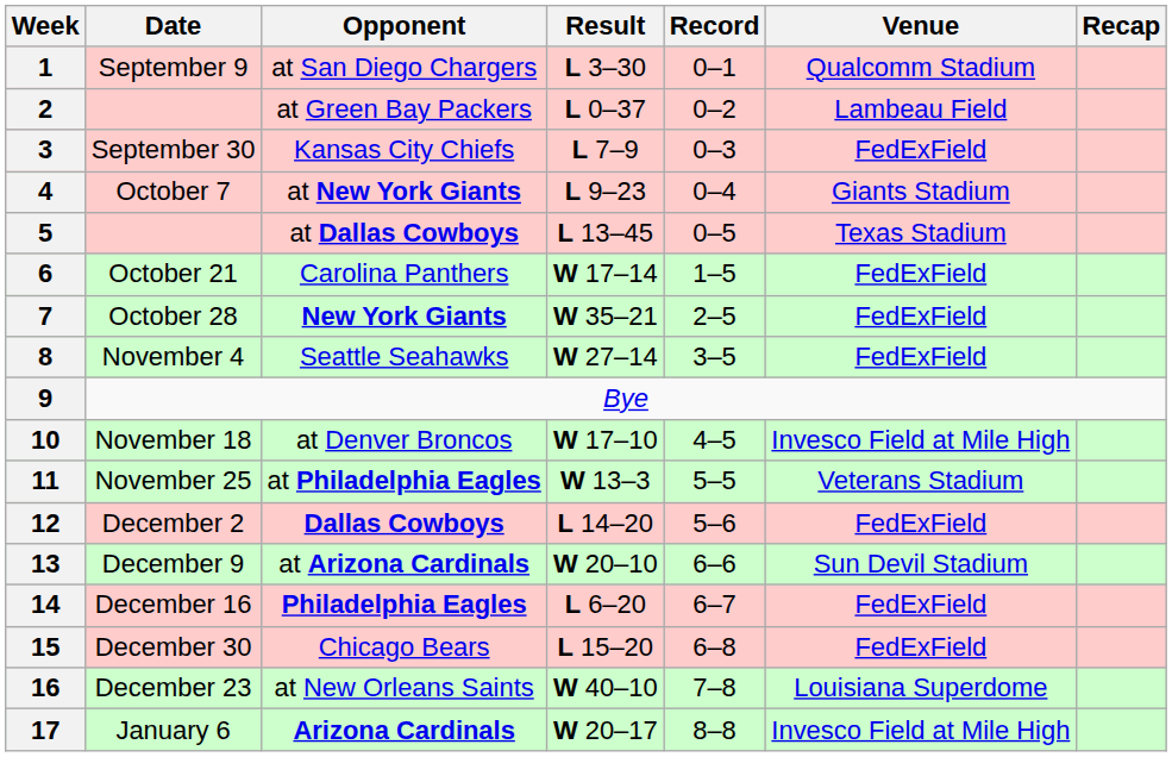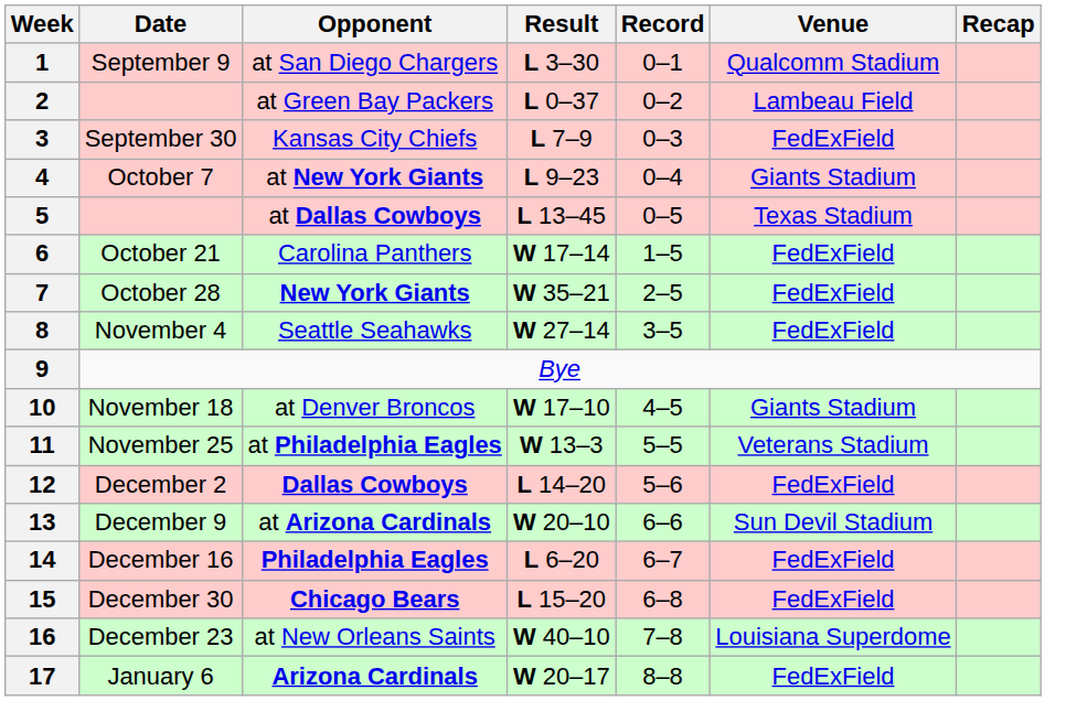 <table class="wikitable" style="text-align:center">
 <tr>
 <th>Week</th>
 <th>Date</th>
 <th>Opponent</th>
 <th>Result</th>
 <th>Record</th>
 <th>Venue</th>
 <th>Recap</th>
 </tr>
 <tr style="background: #ffcccc;">
 <th>1</th>
 <td>September 9</td>
 <td>at <a href='#'>San Diego Chargers</a></td>
 <td><strong>L</strong> 3–30</td>
 <td>0–1</td>
 <td><a href='#'>Qualcomm Stadium</a></td>
 <td></td>
 </tr>
 <tr style="background: #ffcccc;">
 <th>2</th>
 <td></td>
 <td>at <a href='#'>Green Bay Packers</a></td>
 <td><strong>L</strong> 0–37</td>
 <td>0–2</td>
 <td><a href='#'>Lambeau Field</a></td>
 <td></td>
 </tr>
 <tr style="background: #ffcccc;">
 <th>3</th>
 <td>September 30</td>
 <td><a href='#'>Kansas City Chiefs</a></td>
 <td><strong>L</strong> 7–9</td>
 <td>0–3</td>
 <td><a href='#'>FedExField</a></td>
 <td></td>
 </tr>
 <tr style="background: #ffcccc;">
 <th>4</th>
 <td>October 7</td>
 <td>at <strong><a href='#'>New York Giants</a></strong></td>
 <td><strong>L</strong> 9–23</td>
 <td>0–4</td>
 <td><a href='#'>Giants Stadium</a></td>
 <td></td>
 </tr>
 <tr style="background: #ffcccc;">
 <th>5</th>
 <td></td>
 <td>at <strong><a href='#'>Dallas Cowboys</a></strong></td>
 <td><strong>L</strong> 13–45</td>
 <td>0–5</td>
 <td><a href='#'>Texas Stadium</a></td>
 <td></td>
 </tr>
 <tr style="background: #ccffcc;">
 <th>6</th>
 <td>October 21</td>
 <td><a href='#'>Carolina Panthers</a></td>
 <td><strong>W</strong> 17–14</td>
 <td>1–5</td>
 <td><a href='#'>FedExField</a></td>
 <td></td>
 </tr>
 <tr style="background: #ccffcc;">
 <th>7</th>
 <td>October 28</td>
 <td><strong><a href='#'>New York Giants</a></strong></td>
 <td><strong>W</strong> 35–21</td>
 <td>2–5</td>
 <td><a href='#'>FedExField</a></td>
 <td></td>
 </tr>
 <tr style="background: #ccffcc;">
 <th>8</th>
 <td>November 4</td>
 <td><a href='#'>Seattle Seahawks</a></td>
 <td><strong>W</strong> 27–14</td>
 <td>3–5</td>
 <td><a href='#'>FedExField</a></td>
 <td></td>
 </tr>
 <tr>
 <th>9</th>
 <td align="center" colspan="8"><em><a href='#'>Bye</a></em></td>
 </tr>
 <tr style="background: #ccffcc;">
 <th>10</th>
 <td>November 18</td>
 <td>at <a href='#'>Denver Broncos</a></td>
 <td><strong>W</strong> 17–10</td>
 <td>4–5</td>
-<td><a href='#'>Invesco Field at Mile High</a></td>
+<td><a href='#'>Giants Stadium</a></td>
 <td></td>
 </tr>
 <tr style="background: #ccffcc;">
 <th>11</th>
 <td>November 25</td>
 <td>at <strong><a href='#'>Philadelphia Eagles</a></strong></td>
 <td><strong>W</strong> 13–3</td>
 <td>5–5</td>
 <td><a href='#'>Veterans Stadium</a></td>
 <td></td>
 </tr>
 <tr style="background: #ffcccc;">
 <th>12</th>
 <td>December 2</td>
 <td><strong><a href='#'>Dallas Cowboys</a></strong></td>
 <td><strong>L</strong> 14–20</td>
 <td>5–6</td>
 <td><a href='#'>FedExField</a></td>
 <td></td>
 </tr>
 <tr style="background: #ccffcc;">
 <th>13</th>
 <td>December 9</td>
 <td>at <strong><a href='#'>Arizona Cardinals</a></strong></td>
 <td><strong>W</strong> 20–10</td>
 <td>6–6</td>
 <td><a href='#'>Sun Devil Stadium</a></td>
 <td></td>
 </tr>
 <tr style="background: #ffcccc;">
 <th>14</th>
 <td>December 16</td>
 <td><strong><a href='#'>Philadelphia Eagles</a></strong></td>
 <td><strong>L</strong> 6–20</td>
 <td>6–7</td>
 <td><a href='#'>FedExField</a></td>
 <td></td>
 </tr>
 <tr style="background: #ffcccc;">
 <th>15</th>
 <td>December 30</td>
-<td><a href='#'>Chicago Bears</a></td>
+<td><strong><a href='#'>Chicago Bears</a></strong></td>
 <td><strong>L</strong> 15–20</td>
 <td>6–8</td>
 <td><a href='#'>FedExField</a></td>
 <td></td>
 </tr>
 <tr style="background: #ccffcc;">
 <th>16</th>
 <td>December 23</td>
 <td>at <a href='#'>New Orleans Saints</a></td>
 <td><strong>W</strong> 40–10</td>
 <td>7–8</td>
 <td><a href='#'>Louisiana Superdome</a></td>
 <td></td>
 </tr>
 <tr style="background: #ccffcc;">
 <th>17</th>
 <td>January 6</td>
 <td><strong><a href='#'>Arizona Cardinals</a></strong></td>
 <td><strong>W</strong> 20–17</td>
 <td>8–8</td>
-<td><a href='#'>Invesco Field at Mile High</a></td>
+<td><a href='#'>FedExField</a></td>
 <td></td>
 </tr>
 </table>
